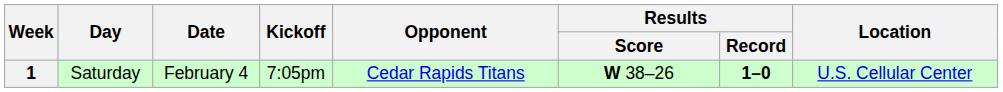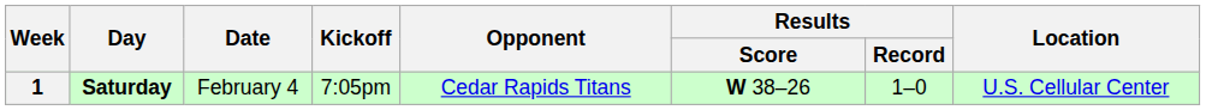 <table class="wikitable">
 <tr>
 <th rowspan="2" width="40">Week</th>
 <th rowspan="2" width="80">Day</th>
 <th rowspan="2" width="90">Date</th>
 <th rowspan="2" width="60">Kickoff</th>
 <th rowspan="2" width="200">Opponent</th>
 <th colspan="2" width="200">Results</th>
 <th rowspan="2" width="180">Location</th>
 </tr>
 <tr>
 <th width="140">Score</th>
 <th width="60">Record</th>
 </tr>
 <tr align="center" bgcolor="#CCFFCC">
 <th>1</th>
-<td>Saturday</td>
+<td><strong>Saturday</strong></td>
 <td>February 4</td>
 <td>7:05pm</td>
 <td><a href='#'>Cedar Rapids Titans</a></td>
 <td><strong>W</strong> 38–26</td>
-<td><strong>1–0</strong></td>
+<td>1–0</td>
 <td><a href='#'>U.S. Cellular Center</a></td>
 </tr>
 </table>
